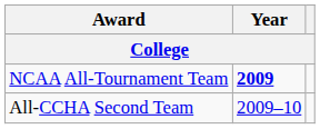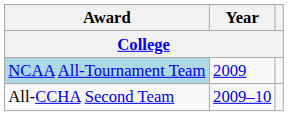 <table class="wikitable">
 <tr>
 <th>Award</th>
 <th>Year</th>
 <th></th>
 </tr>
 <tr>
 <th colspan="3"><a href='#'>College</a></th>
 </tr>
 <tr>
-<td><a href='#'>NCAA</a> <a href='#'>All-Tournament Team</a></td>
-<td><strong><a href='#'>2009</a></strong></td>
+<td style="background: lightblue;"><a href='#'>NCAA</a> <a href='#'>All-Tournament Team</a></td>
+<td><a href='#'>2009</a></td>
 <td></td>
 </tr>
 <tr>
 <td>All-<a href='#'>CCHA</a> <a href='#'>Second Team</a></td>
 <td><a href='#'>2009–10</a></td>
 <td></td>
 </tr>
 </table>
